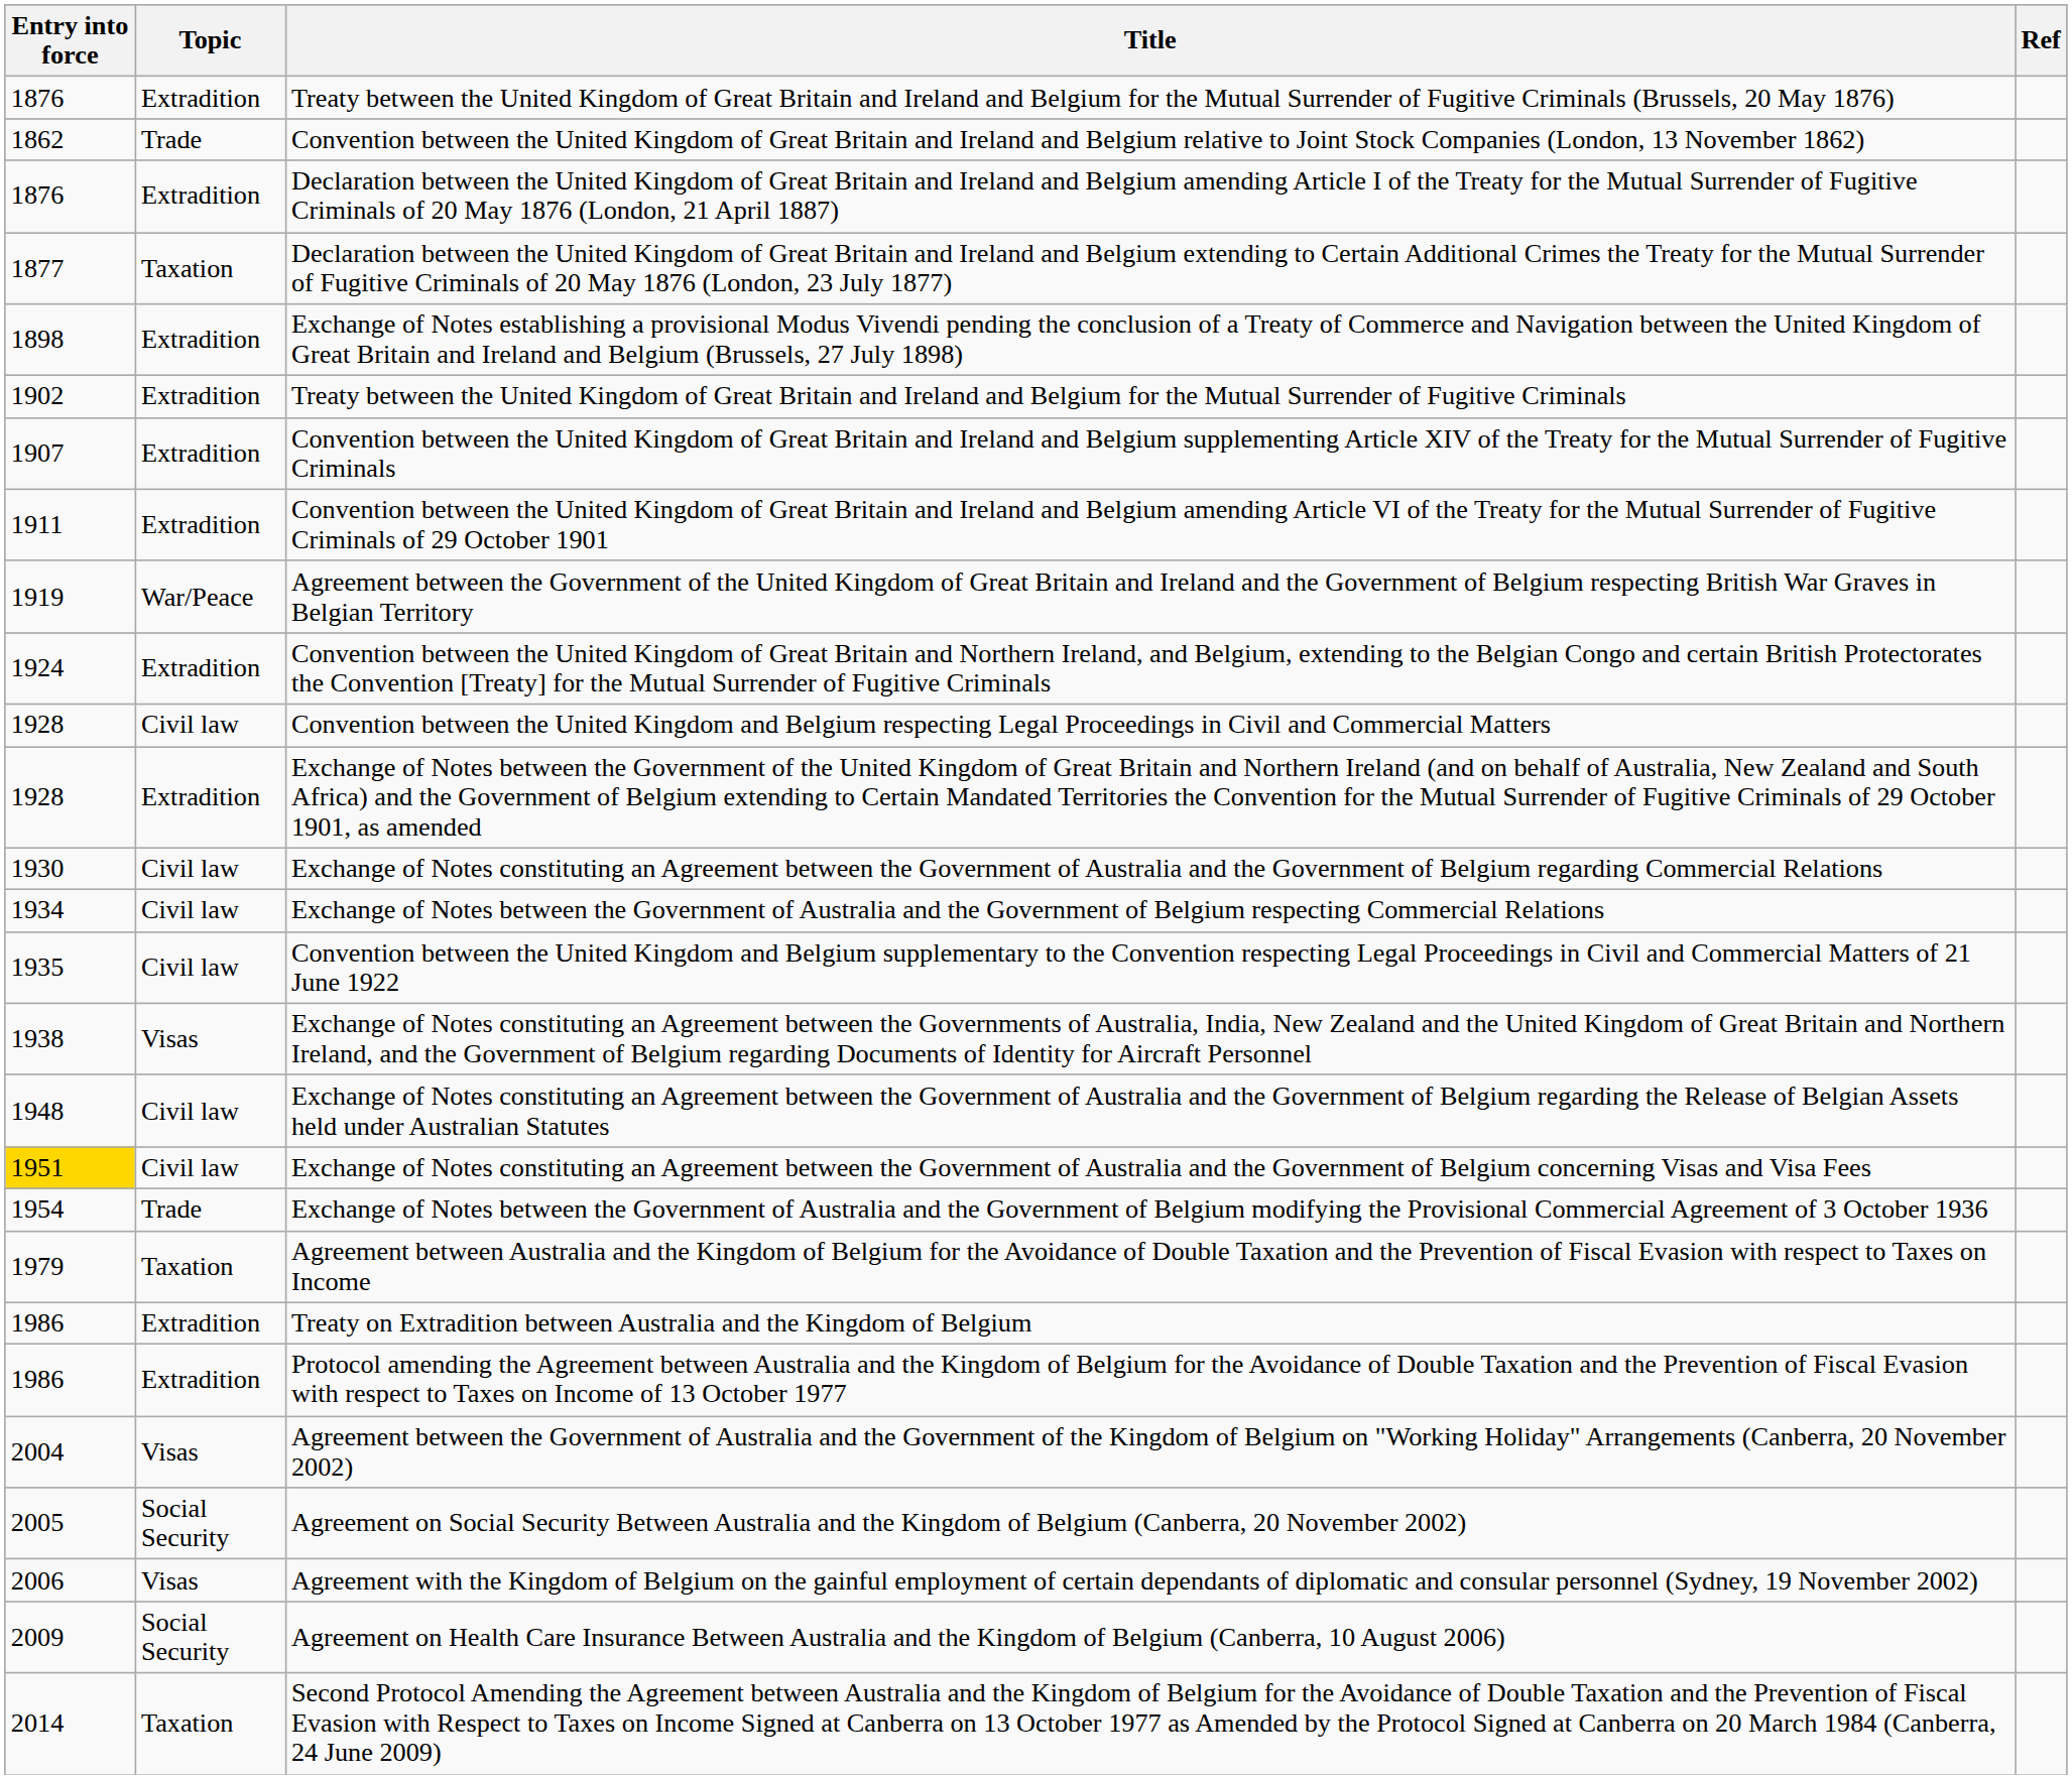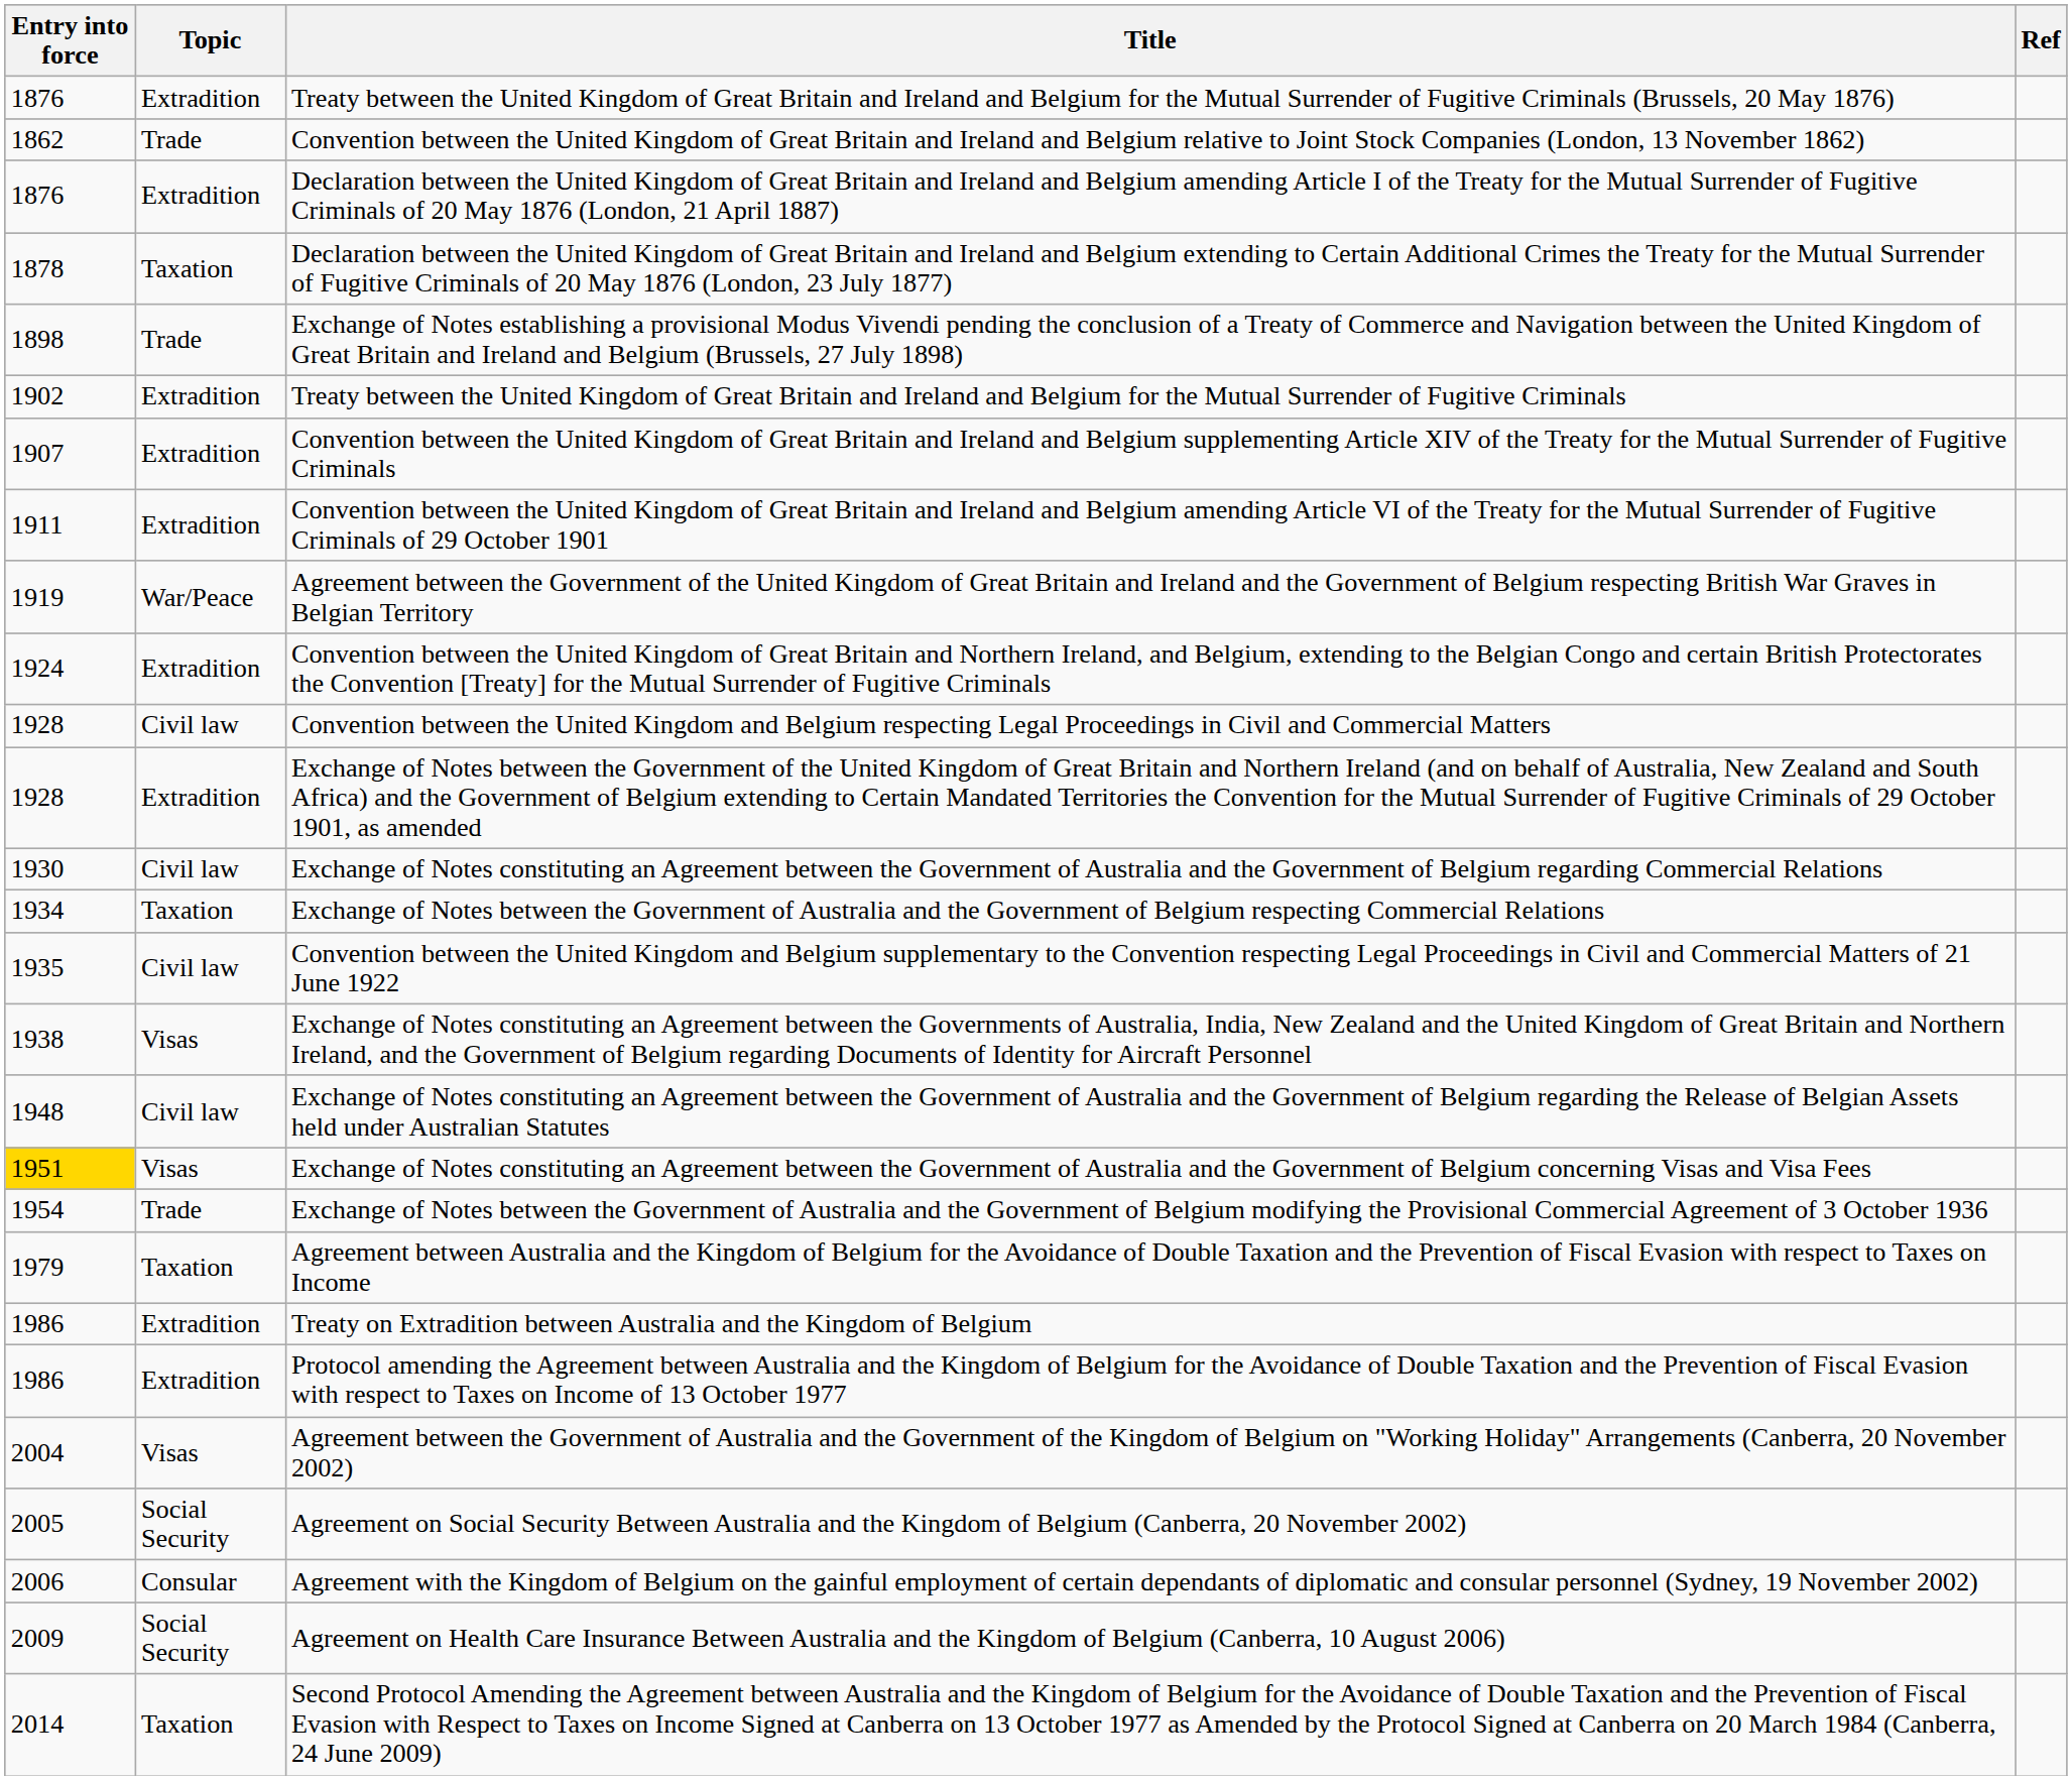 <table class="wikitable sortable">
 <tr>
 <th>Entry into force</th>
 <th>Topic</th>
 <th>Title</th>
 <th>Ref</th>
 </tr>
 <tr>
 <td>1876</td>
 <td>Extradition</td>
 <td>Treaty between the United Kingdom of Great Britain and Ireland and Belgium for the Mutual Surrender of Fugitive Criminals (Brussels, 20 May 1876)</td>
 <td></td>
 </tr>
 <tr>
 <td>1862</td>
 <td>Trade</td>
 <td>Convention between the United Kingdom of Great Britain and Ireland and Belgium relative to Joint Stock Companies (London, 13 November 1862)</td>
 <td></td>
 </tr>
 <tr>
 <td>1876</td>
 <td>Extradition</td>
 <td>Declaration between the United Kingdom of Great Britain and Ireland and Belgium amending Article I of the Treaty for the Mutual Surrender of Fugitive Criminals of 20 May 1876 (London, 21 April 1887)</td>
 <td></td>
 </tr>
 <tr>
-<td>1877</td>
+<td>1878</td>
 <td>Taxation</td>
 <td>Declaration between the United Kingdom of Great Britain and Ireland and Belgium extending to Certain Additional Crimes the Treaty for the Mutual Surrender of Fugitive Criminals of 20 May 1876 (London, 23 July 1877)</td>
 <td></td>
 </tr>
 <tr>
 <td>1898</td>
-<td>Extradition</td>
+<td>Trade</td>
 <td>Exchange of Notes establishing a provisional Modus Vivendi pending the conclusion of a Treaty of Commerce and Navigation between the United Kingdom of Great Britain and Ireland and Belgium (Brussels, 27 July 1898)</td>
 <td></td>
 </tr>
 <tr>
 <td>1902</td>
 <td>Extradition</td>
 <td>Treaty between the United Kingdom of Great Britain and Ireland and Belgium for the Mutual Surrender of Fugitive Criminals</td>
 <td></td>
 </tr>
 <tr>
 <td>1907</td>
 <td>Extradition</td>
 <td>Convention between the United Kingdom of Great Britain and Ireland and Belgium supplementing Article XIV of the Treaty for the Mutual Surrender of Fugitive Criminals</td>
 <td></td>
 </tr>
 <tr>
 <td>1911</td>
 <td>Extradition</td>
 <td>Convention between the United Kingdom of Great Britain and Ireland and Belgium amending Article VI of the Treaty for the Mutual Surrender of Fugitive Criminals of 29 October 1901</td>
 <td></td>
 </tr>
 <tr>
 <td>1919</td>
 <td>War/Peace</td>
 <td>Agreement between the Government of the United Kingdom of Great Britain and Ireland and the Government of Belgium respecting British War Graves in Belgian Territory</td>
 <td></td>
 </tr>
 <tr>
 <td>1924</td>
 <td>Extradition</td>
 <td>Convention between the United Kingdom of Great Britain and Northern Ireland, and Belgium, extending to the Belgian Congo and certain British Protectorates the Convention [Treaty] for the Mutual Surrender of Fugitive Criminals</td>
 <td></td>
 </tr>
 <tr>
 <td>1928</td>
 <td>Civil law</td>
 <td>Convention between the United Kingdom and Belgium respecting Legal Proceedings in Civil and Commercial Matters</td>
 <td></td>
 </tr>
 <tr>
 <td>1928</td>
 <td>Extradition</td>
 <td>Exchange of Notes between the Government of the United Kingdom of Great Britain and Northern Ireland (and on behalf of Australia, New Zealand and South Africa) and the Government of Belgium extending to Certain Mandated Territories the Convention for the Mutual Surrender of Fugitive Criminals of 29 October 1901, as amended</td>
 <td></td>
 </tr>
 <tr>
 <td>1930</td>
 <td>Civil law</td>
 <td>Exchange of Notes constituting an Agreement between the Government of Australia and the Government of Belgium regarding Commercial Relations</td>
 <td></td>
 </tr>
 <tr>
 <td>1934</td>
-<td>Civil law</td>
+<td>Taxation</td>
 <td>Exchange of Notes between the Government of Australia and the Government of Belgium respecting Commercial Relations</td>
 <td></td>
 </tr>
 <tr>
 <td>1935</td>
 <td>Civil law</td>
 <td>Convention between the United Kingdom and Belgium supplementary to the Convention respecting Legal Proceedings in Civil and Commercial Matters of 21 June 1922</td>
 <td></td>
 </tr>
 <tr>
 <td>1938</td>
 <td>Visas</td>
 <td>Exchange of Notes constituting an Agreement between the Governments of Australia, India, New Zealand and the United Kingdom of Great Britain and Northern Ireland, and the Government of Belgium regarding Documents of Identity for Aircraft Personnel</td>
 <td></td>
 </tr>
 <tr>
 <td>1948</td>
 <td>Civil law</td>
 <td>Exchange of Notes constituting an Agreement between the Government of Australia and the Government of Belgium regarding the Release of Belgian Assets held under Australian Statutes</td>
 <td></td>
 </tr>
 <tr>
 <td style="background: gold;">1951</td>
-<td>Civil law</td>
+<td>Visas</td>
 <td>Exchange of Notes constituting an Agreement between the Government of Australia and the Government of Belgium concerning Visas and Visa Fees</td>
 <td></td>
 </tr>
 <tr>
 <td>1954</td>
 <td>Trade</td>
 <td>Exchange of Notes between the Government of Australia and the Government of Belgium modifying the Provisional Commercial Agreement of 3 October 1936</td>
 <td></td>
 </tr>
 <tr>
 <td>1979</td>
 <td>Taxation</td>
 <td>Agreement between Australia and the Kingdom of Belgium for the Avoidance of Double Taxation and the Prevention of Fiscal Evasion with respect to Taxes on Income</td>
 <td></td>
 </tr>
 <tr>
 <td>1986</td>
 <td>Extradition</td>
 <td>Treaty on Extradition between Australia and the Kingdom of Belgium</td>
 <td></td>
 </tr>
 <tr>
 <td>1986</td>
 <td>Extradition</td>
 <td>Protocol amending the Agreement between Australia and the Kingdom of Belgium for the Avoidance of Double Taxation and the Prevention of Fiscal Evasion with respect to Taxes on Income of 13 October 1977</td>
 <td></td>
 </tr>
 <tr>
 <td>2004</td>
 <td>Visas</td>
 <td>Agreement between the Government of Australia and the Government of the Kingdom of Belgium on "Working Holiday" Arrangements (Canberra, 20 November 2002)</td>
 <td></td>
 </tr>
 <tr>
 <td>2005</td>
 <td>Social Security</td>
 <td>Agreement on Social Security Between Australia and the Kingdom of Belgium (Canberra, 20 November 2002)</td>
 <td></td>
 </tr>
 <tr>
 <td>2006</td>
-<td>Visas</td>
+<td>Consular</td>
 <td>Agreement with the Kingdom of Belgium on the gainful employment of certain dependants of diplomatic and consular personnel (Sydney, 19 November 2002)</td>
 <td></td>
 </tr>
 <tr>
 <td>2009</td>
 <td>Social Security</td>
 <td>Agreement on Health Care Insurance Between Australia and the Kingdom of Belgium (Canberra, 10 August 2006)</td>
 <td></td>
 </tr>
 <tr>
 <td>2014</td>
 <td>Taxation</td>
 <td>Second Protocol Amending the Agreement between Australia and the Kingdom of Belgium for the Avoidance of Double Taxation and the Prevention of Fiscal Evasion with Respect to Taxes on Income Signed at Canberra on 13 October 1977 as Amended by the Protocol Signed at Canberra on 20 March 1984 (Canberra, 24 June 2009)</td>
 <td></td>
 </tr>
 </table>
